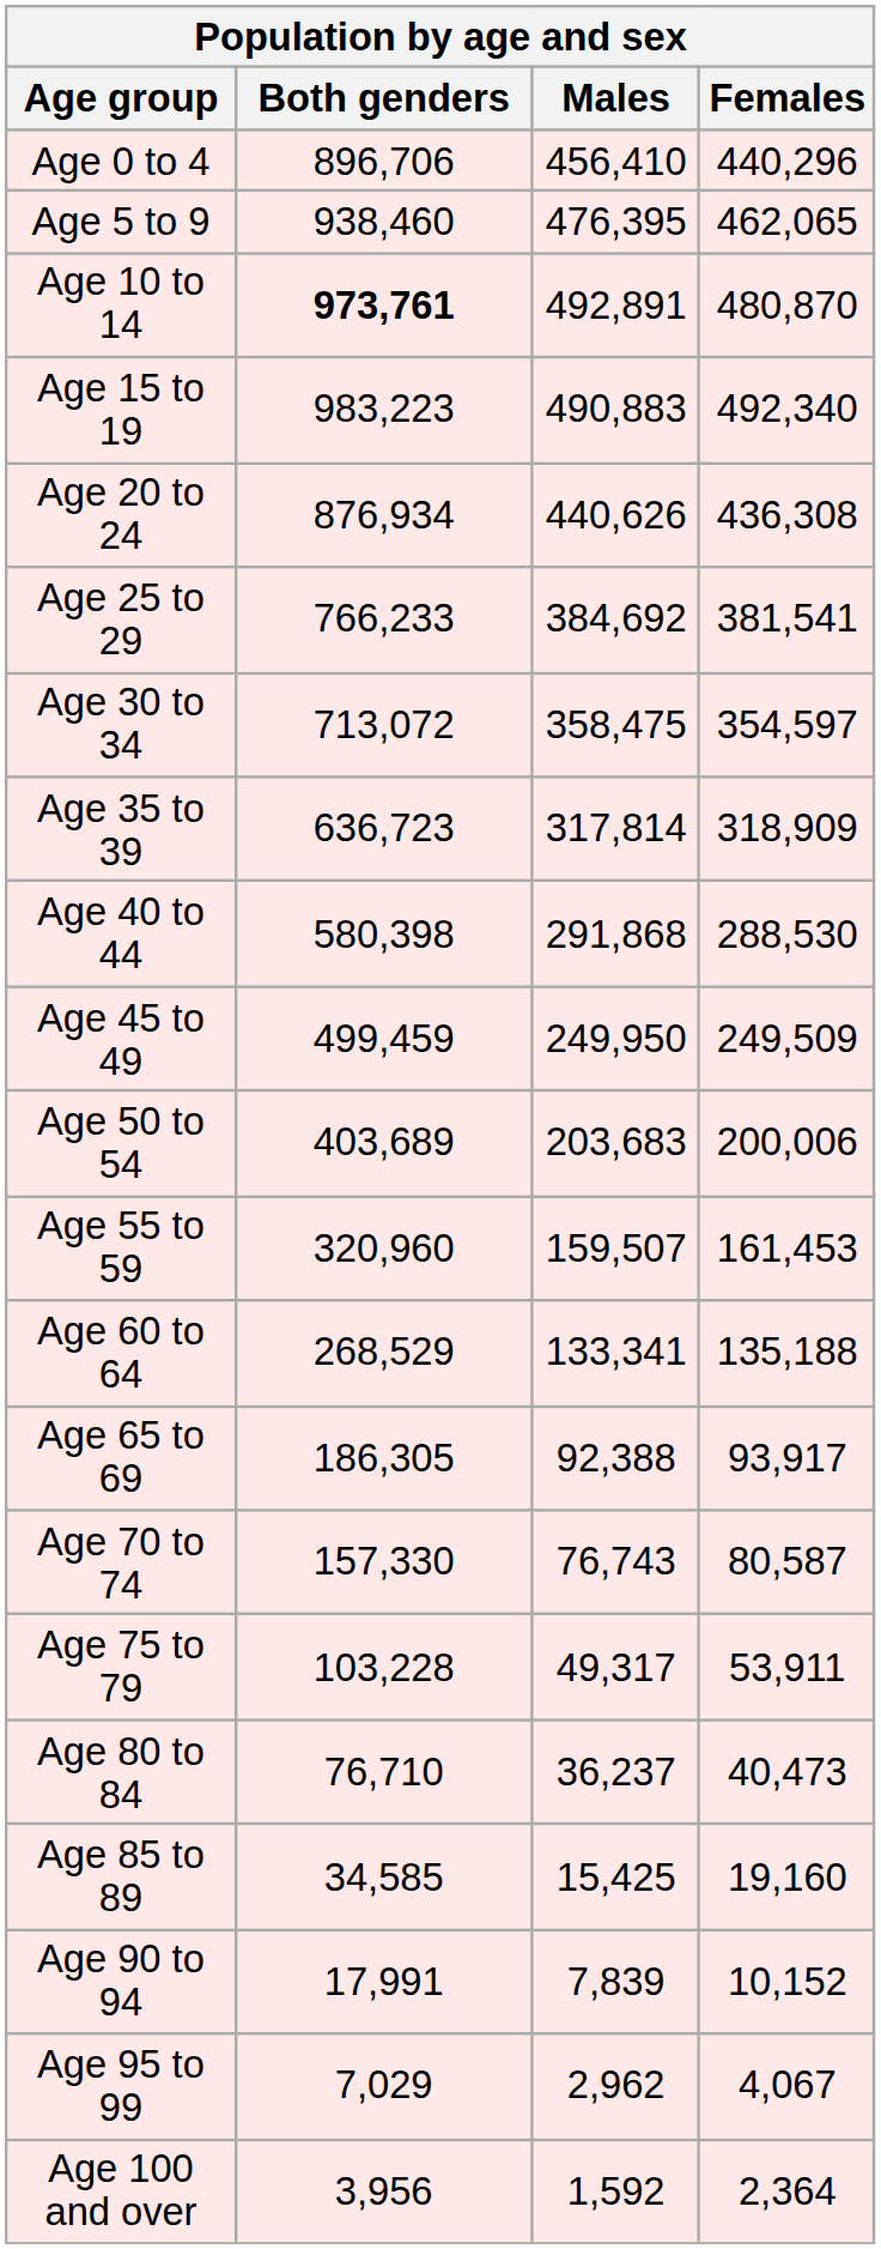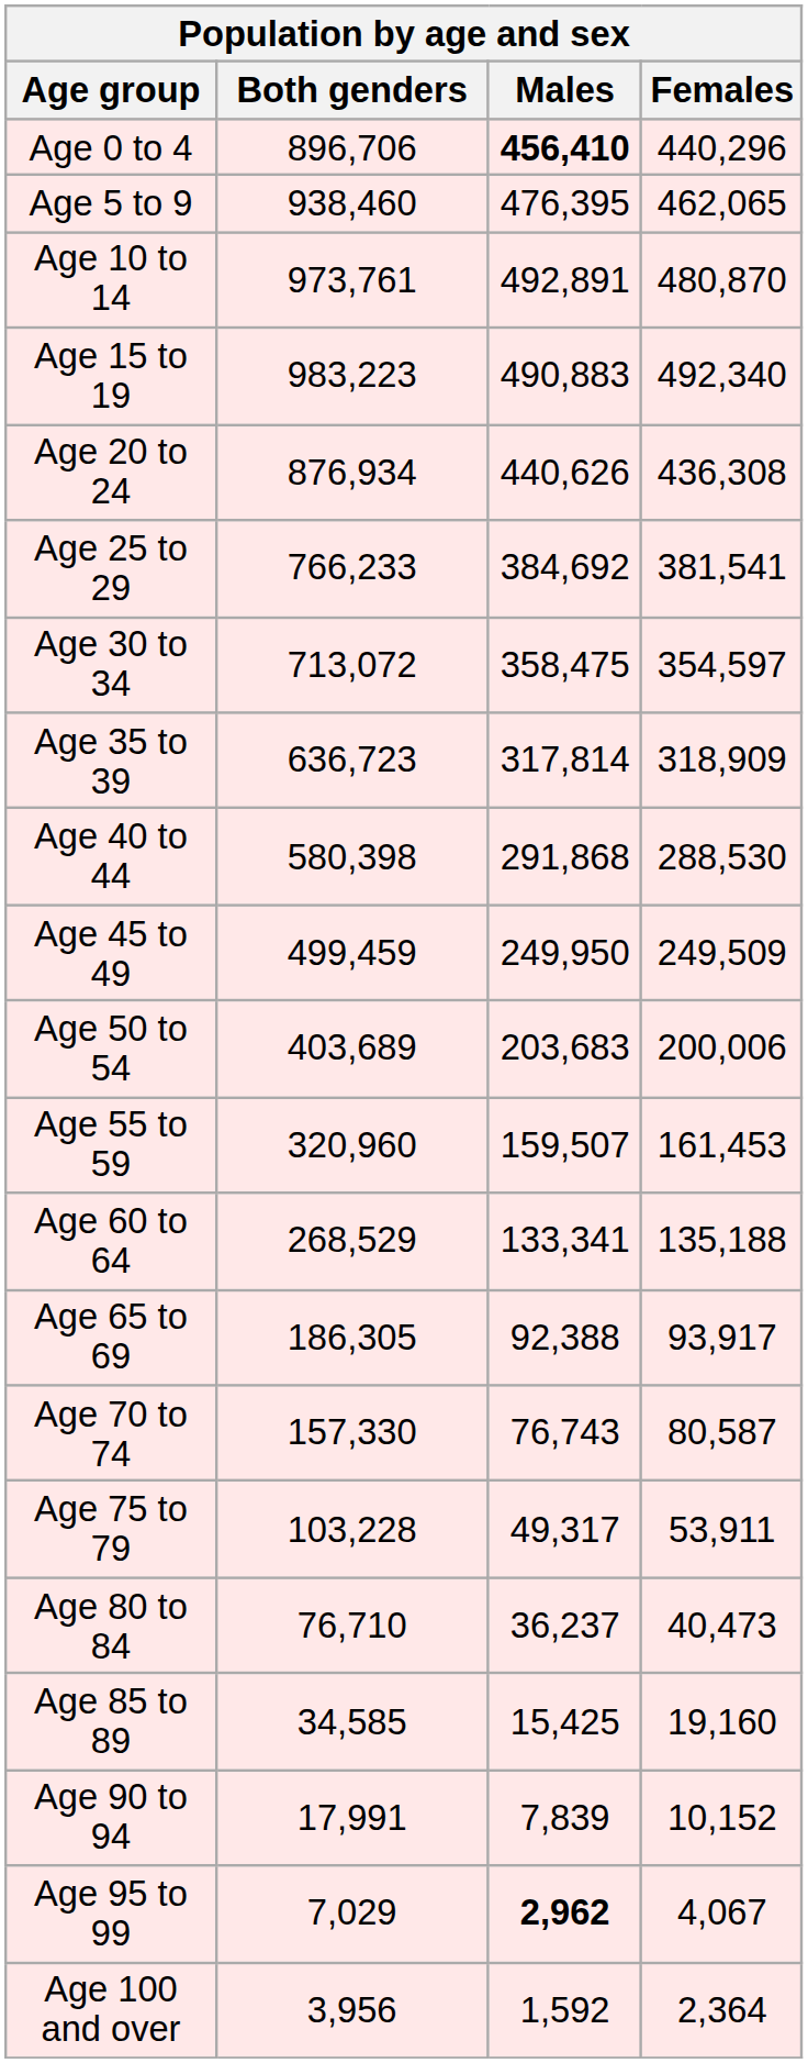 <table class="wikitable" id="cx223" style="text-align: center; margin-right: 8px; font-size: 85%; margin-bottom: 10px;" width="24%">
 <tr>
 <th colspan="8">Population by age and sex </th>
 </tr>
 <tr>
 <th width="35%">Age group</th>
 <th width="45%">Both genders</th>
 <th width="45%">Males</th>
 <th width="45%">Females</th>
 </tr>
 <tr bgcolor="#FFE8E8">
 <td>Age 0 to 4</td>
 <td align="center">896,706</td>
-<td align="center">456,410</td>
+<td align="center"><strong>456,410</strong></td>
 <td align="center">440,296</td>
 </tr>
 <tr bgcolor="#FFE8E8">
 <td>Age 5 to 9</td>
 <td align="center">938,460</td>
 <td align="center">476,395</td>
 <td align="center">462,065</td>
 </tr>
 <tr bgcolor="#FFE8E8">
 <td>Age 10 to 14</td>
-<td align="center"><strong>973,761</strong></td>
+<td align="center">973,761</td>
 <td align="center">492,891</td>
 <td align="center">480,870</td>
 </tr>
 <tr bgcolor="#FFE8E8">
 <td>Age 15 to 19</td>
 <td align="center">983,223</td>
 <td align="center">490,883</td>
 <td align="center">492,340</td>
 </tr>
 <tr bgcolor="#FFE8E8">
 <td>Age 20 to 24</td>
 <td align="center">876,934</td>
 <td align="center">440,626</td>
 <td align="center">436,308</td>
 </tr>
 <tr bgcolor="#FFE8E8">
 <td>Age 25 to 29</td>
 <td align="center">766,233</td>
 <td align="center">384,692</td>
 <td align="center">381,541</td>
 </tr>
 <tr bgcolor="#FFE8E8">
 <td>Age 30 to 34</td>
 <td align="center">713,072</td>
 <td align="center">358,475</td>
 <td align="center">354,597</td>
 </tr>
 <tr bgcolor="#FFE8E8">
 <td>Age 35 to 39</td>
 <td align="center">636,723</td>
 <td align="center">317,814</td>
 <td align="center">318,909</td>
 </tr>
 <tr bgcolor="#FFE8E8">
 <td>Age 40 to 44</td>
 <td align="center">580,398</td>
 <td align="center">291,868</td>
 <td align="center">288,530</td>
 </tr>
 <tr bgcolor="#FFE8E8">
 <td>Age 45 to 49</td>
 <td align="center">499,459</td>
 <td align="center">249,950</td>
 <td align="center">249,509</td>
 </tr>
 <tr bgcolor="#FFE8E8">
 <td>Age 50 to 54</td>
 <td align="center">403,689</td>
 <td align="center">203,683</td>
 <td align="center">200,006</td>
 </tr>
 <tr bgcolor="#FFE8E8">
 <td>Age 55 to 59</td>
 <td align="center">320,960</td>
 <td align="center">159,507</td>
 <td align="center">161,453</td>
 </tr>
 <tr bgcolor="#FFE8E8">
 <td>Age 60 to 64</td>
 <td align="center">268,529</td>
 <td align="center">133,341</td>
 <td align="center">135,188</td>
 </tr>
 <tr bgcolor="#FFE8E8">
 <td>Age 65 to 69</td>
 <td align="center">186,305</td>
 <td align="center">92,388</td>
 <td align="center">93,917</td>
 </tr>
 <tr bgcolor="#FFE8E8">
 <td>Age 70 to 74</td>
 <td align="center">157,330</td>
 <td align="center">76,743</td>
 <td align="center">80,587</td>
 </tr>
 <tr bgcolor="#FFE8E8">
 <td>Age 75 to 79</td>
 <td align="center">103,228</td>
 <td align="center">49,317</td>
 <td align="center">53,911</td>
 </tr>
 <tr bgcolor="#FFE8E8">
 <td>Age 80 to 84</td>
 <td align="center">76,710</td>
 <td align="center">36,237</td>
 <td align="center">40,473</td>
 </tr>
 <tr bgcolor="#FFE8E8">
 <td>Age 85 to 89</td>
 <td align="center">34,585</td>
 <td align="center">15,425</td>
 <td align="center">19,160</td>
 </tr>
 <tr bgcolor="#FFE8E8">
 <td>Age 90 to 94</td>
 <td align="center">17,991</td>
 <td align="center">7,839</td>
 <td align="center">10,152</td>
 </tr>
 <tr bgcolor="#FFE8E8">
 <td>Age 95 to 99</td>
 <td align="center">7,029</td>
-<td align="center">2,962</td>
+<td align="center"><strong>2,962</strong></td>
 <td align="center">4,067</td>
 </tr>
 <tr bgcolor="#FFE8E8">
 <td>Age 100 and over</td>
 <td align="center">3,956</td>
 <td align="center">1,592</td>
 <td align="center">2,364</td>
 </tr>
 </table>
